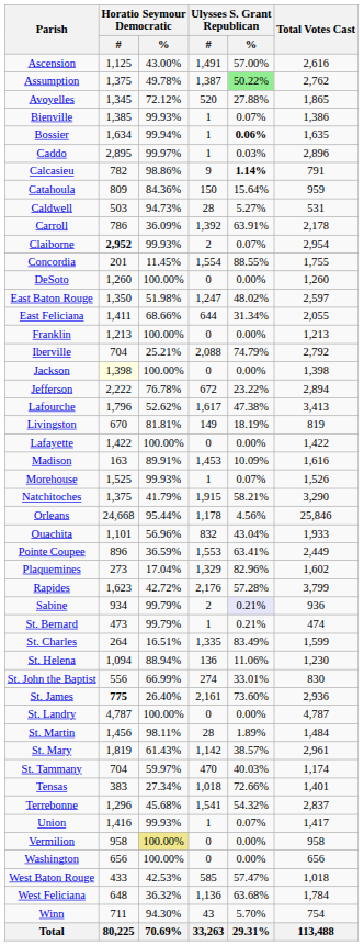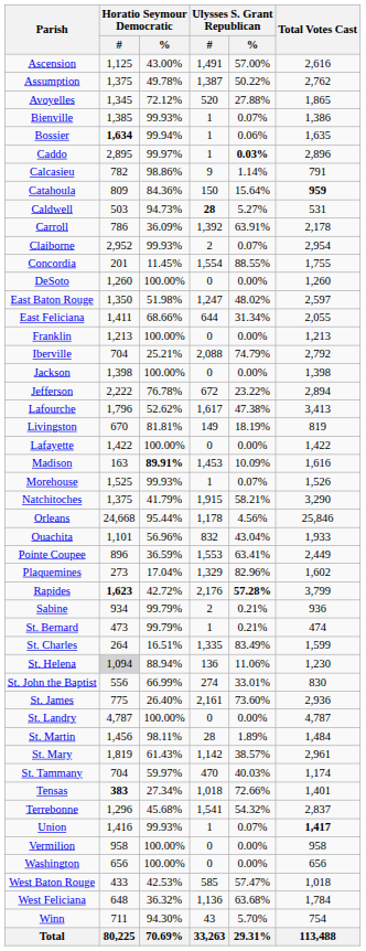 <table class="wikitable sortable">
 <tr>
 <th rowspan="2">Parish</th>
 <th colspan="2">Horatio Seymour<br>Democratic</th>
 <th colspan="2">Ulysses S. Grant<br>Republican</th>
 <th rowspan="2">Total Votes Cast</th>
 </tr>
 <tr style="text-align:center;">
 <th>#</th>
 <th>%</th>
 <th>#</th>
 <th>%</th>
 </tr>
 <tr style="text-align:center;">
 <td><a href='#'>Ascension</a></td>
 <td>1,125</td>
 <td>43.00%</td>
 <td>1,491</td>
 <td>57.00%</td>
 <td>2,616</td>
 </tr>
 <tr style="text-align:center;">
 <td><a href='#'>Assumption</a></td>
 <td>1,375</td>
 <td>49.78%</td>
 <td>1,387</td>
-<td style="background: lightgreen;">50.22%</td>
+<td>50.22%</td>
 <td>2,762</td>
 </tr>
 <tr style="text-align:center;">
 <td><a href='#'>Avoyelles</a></td>
 <td>1,345</td>
 <td>72.12%</td>
 <td>520</td>
 <td>27.88%</td>
 <td>1,865</td>
 </tr>
 <tr style="text-align:center;">
 <td><a href='#'>Bienville</a></td>
 <td>1,385</td>
 <td>99.93%</td>
 <td>1</td>
 <td>0.07%</td>
 <td>1,386</td>
 </tr>
 <tr style="text-align:center;">
 <td><a href='#'>Bossier</a></td>
-<td>1,634</td>
+<td><strong>1,634</strong></td>
 <td>99.94%</td>
 <td>1</td>
-<td><strong>0.06%</strong></td>
+<td>0.06%</td>
 <td>1,635</td>
 </tr>
 <tr style="text-align:center;">
 <td><a href='#'>Caddo</a></td>
 <td>2,895</td>
 <td>99.97%</td>
 <td>1</td>
-<td>0.03%</td>
+<td><strong>0.03%</strong></td>
 <td>2,896</td>
 </tr>
 <tr style="text-align:center;">
 <td><a href='#'>Calcasieu</a></td>
 <td>782</td>
 <td>98.86%</td>
 <td>9</td>
-<td><strong>1.14%</strong></td>
+<td>1.14%</td>
 <td>791</td>
 </tr>
 <tr style="text-align:center;">
 <td><a href='#'>Catahoula</a></td>
 <td>809</td>
 <td>84.36%</td>
 <td>150</td>
 <td>15.64%</td>
-<td>959</td>
+<td><strong>959</strong></td>
 </tr>
 <tr style="text-align:center;">
 <td><a href='#'>Caldwell</a></td>
 <td>503</td>
 <td>94.73%</td>
-<td>28</td>
+<td><strong>28</strong></td>
 <td>5.27%</td>
 <td>531</td>
 </tr>
 <tr style="text-align:center;">
 <td><a href='#'>Carroll</a></td>
 <td>786</td>
 <td>36.09%</td>
 <td>1,392</td>
 <td>63.91%</td>
 <td>2,178</td>
 </tr>
 <tr style="text-align:center;">
 <td><a href='#'>Claiborne</a></td>
-<td><strong>2,952</strong></td>
+<td>2,952</td>
 <td>99.93%</td>
 <td>2</td>
 <td>0.07%</td>
 <td>2,954</td>
 </tr>
 <tr style="text-align:center;">
 <td><a href='#'>Concordia</a></td>
 <td>201</td>
 <td>11.45%</td>
 <td>1,554</td>
 <td>88.55%</td>
 <td>1,755</td>
 </tr>
 <tr style="text-align:center;">
 <td><a href='#'>DeSoto</a></td>
 <td>1,260</td>
 <td>100.00%</td>
 <td>0</td>
 <td>0.00%</td>
 <td>1,260</td>
 </tr>
 <tr style="text-align:center;">
 <td><a href='#'>East Baton Rouge</a></td>
 <td>1,350</td>
 <td>51.98%</td>
 <td>1,247</td>
 <td>48.02%</td>
 <td>2,597</td>
 </tr>
 <tr style="text-align:center;">
 <td><a href='#'>East Feliciana</a></td>
 <td>1,411</td>
 <td>68.66%</td>
 <td>644</td>
 <td>31.34%</td>
 <td>2,055</td>
 </tr>
 <tr style="text-align:center;">
 <td><a href='#'>Franklin</a></td>
 <td>1,213</td>
 <td>100.00%</td>
 <td>0</td>
 <td>0.00%</td>
 <td>1,213</td>
 </tr>
 <tr style="text-align:center;">
 <td><a href='#'>Iberville</a></td>
 <td>704</td>
 <td>25.21%</td>
 <td>2,088</td>
 <td>74.79%</td>
 <td>2,792</td>
 </tr>
 <tr style="text-align:center;">
 <td><a href='#'>Jackson</a></td>
-<td style="background: lightyellow;">1,398</td>
+<td>1,398</td>
 <td>100.00%</td>
 <td>0</td>
 <td>0.00%</td>
 <td>1,398</td>
 </tr>
 <tr style="text-align:center;">
 <td><a href='#'>Jefferson</a></td>
 <td>2,222</td>
 <td>76.78%</td>
 <td>672</td>
 <td>23.22%</td>
 <td>2,894</td>
 </tr>
 <tr style="text-align:center;">
 <td><a href='#'>Lafourche</a></td>
 <td>1,796</td>
 <td>52.62%</td>
 <td>1,617</td>
 <td>47.38%</td>
 <td>3,413</td>
 </tr>
 <tr style="text-align:center;">
 <td><a href='#'>Livingston</a></td>
 <td>670</td>
 <td>81.81%</td>
 <td>149</td>
 <td>18.19%</td>
 <td>819</td>
 </tr>
 <tr style="text-align:center;">
 <td><a href='#'>Lafayette</a></td>
 <td>1,422</td>
 <td>100.00%</td>
 <td>0</td>
 <td>0.00%</td>
 <td>1,422</td>
 </tr>
 <tr style="text-align:center;">
 <td><a href='#'>Madison</a></td>
 <td>163</td>
-<td>89.91%</td>
+<td><strong>89.91%</strong></td>
 <td>1,453</td>
 <td>10.09%</td>
 <td>1,616</td>
 </tr>
 <tr style="text-align:center;">
 <td><a href='#'>Morehouse</a></td>
 <td>1,525</td>
 <td>99.93%</td>
 <td>1</td>
 <td>0.07%</td>
 <td>1,526</td>
 </tr>
 <tr style="text-align:center;">
 <td><a href='#'>Natchitoches</a></td>
 <td>1,375</td>
 <td>41.79%</td>
 <td>1,915</td>
 <td>58.21%</td>
 <td>3,290</td>
 </tr>
 <tr style="text-align:center;">
 <td><a href='#'>Orleans</a></td>
 <td>24,668</td>
 <td>95.44%</td>
 <td>1,178</td>
 <td>4.56%</td>
 <td>25,846</td>
 </tr>
 <tr style="text-align:center;">
 <td><a href='#'>Ouachita</a></td>
 <td>1,101</td>
 <td>56.96%</td>
 <td>832</td>
 <td>43.04%</td>
 <td>1,933</td>
 </tr>
 <tr style="text-align:center;">
 <td><a href='#'>Pointe Coupee</a></td>
 <td>896</td>
 <td>36.59%</td>
 <td>1,553</td>
 <td>63.41%</td>
 <td>2,449</td>
 </tr>
 <tr style="text-align:center;">
 <td><a href='#'>Plaquemines</a></td>
 <td>273</td>
 <td>17.04%</td>
 <td>1,329</td>
 <td>82.96%</td>
 <td>1,602</td>
 </tr>
 <tr style="text-align:center;">
 <td><a href='#'>Rapides</a></td>
-<td>1,623</td>
+<td><strong>1,623</strong></td>
 <td>42.72%</td>
 <td>2,176</td>
-<td>57.28%</td>
+<td><strong>57.28%</strong></td>
 <td>3,799</td>
 </tr>
 <tr style="text-align:center;">
 <td><a href='#'>Sabine</a></td>
 <td>934</td>
 <td>99.79%</td>
 <td>2</td>
-<td style="background: lavender;">0.21%</td>
+<td>0.21%</td>
 <td>936</td>
 </tr>
 <tr style="text-align:center;">
 <td><a href='#'>St. Bernard</a></td>
 <td>473</td>
 <td>99.79%</td>
 <td>1</td>
 <td>0.21%</td>
 <td>474</td>
 </tr>
 <tr style="text-align:center;">
 <td><a href='#'>St. Charles</a></td>
 <td>264</td>
 <td>16.51%</td>
 <td>1,335</td>
 <td>83.49%</td>
 <td>1,599</td>
 </tr>
 <tr style="text-align:center;">
 <td><a href='#'>St. Helena</a></td>
-<td>1,094</td>
+<td style="background: lightgrey;">1,094</td>
 <td>88.94%</td>
 <td>136</td>
 <td>11.06%</td>
 <td>1,230</td>
 </tr>
 <tr style="text-align:center;">
 <td><a href='#'>St. John the Baptist</a></td>
 <td>556</td>
 <td>66.99%</td>
 <td>274</td>
 <td>33.01%</td>
 <td>830</td>
 </tr>
 <tr style="text-align:center;">
 <td><a href='#'>St. James</a></td>
-<td><strong>775</strong></td>
+<td>775</td>
 <td>26.40%</td>
 <td>2,161</td>
 <td>73.60%</td>
 <td>2,936</td>
 </tr>
 <tr style="text-align:center;">
 <td><a href='#'>St. Landry</a></td>
 <td>4,787</td>
 <td>100.00%</td>
 <td>0</td>
 <td>0.00%</td>
 <td>4,787</td>
 </tr>
 <tr style="text-align:center;">
 <td><a href='#'>St. Martin</a></td>
 <td>1,456</td>
 <td>98.11%</td>
 <td>28</td>
 <td>1.89%</td>
 <td>1,484</td>
 </tr>
 <tr style="text-align:center;">
 <td><a href='#'>St. Mary</a></td>
 <td>1,819</td>
 <td>61.43%</td>
 <td>1,142</td>
 <td>38.57%</td>
 <td>2,961</td>
 </tr>
 <tr style="text-align:center;">
 <td><a href='#'>St. Tammany</a></td>
 <td>704</td>
 <td>59.97%</td>
 <td>470</td>
 <td>40.03%</td>
 <td>1,174</td>
 </tr>
 <tr style="text-align:center;">
 <td><a href='#'>Tensas</a></td>
-<td>383</td>
+<td><strong>383</strong></td>
 <td>27.34%</td>
 <td>1,018</td>
 <td>72.66%</td>
 <td>1,401</td>
 </tr>
 <tr style="text-align:center;">
 <td><a href='#'>Terrebonne</a></td>
 <td>1,296</td>
 <td>45.68%</td>
 <td>1,541</td>
 <td>54.32%</td>
 <td>2,837</td>
 </tr>
 <tr style="text-align:center;">
 <td><a href='#'>Union</a></td>
 <td>1,416</td>
 <td>99.93%</td>
 <td>1</td>
 <td>0.07%</td>
-<td>1,417</td>
+<td><strong>1,417</strong></td>
 </tr>
 <tr style="text-align:center;">
 <td><a href='#'>Vermilion</a></td>
 <td>958</td>
-<td style="background: khaki;">100.00%</td>
+<td>100.00%</td>
 <td>0</td>
 <td>0.00%</td>
 <td>958</td>
 </tr>
 <tr style="text-align:center;">
 <td><a href='#'>Washington</a></td>
 <td>656</td>
 <td>100.00%</td>
 <td>0</td>
 <td>0.00%</td>
 <td>656</td>
 </tr>
 <tr style="text-align:center;">
 <td><a href='#'>West Baton Rouge</a></td>
 <td>433</td>
 <td>42.53%</td>
 <td>585</td>
 <td>57.47%</td>
 <td>1,018</td>
 </tr>
 <tr style="text-align:center;">
 <td><a href='#'>West Feliciana</a></td>
 <td>648</td>
 <td>36.32%</td>
 <td>1,136</td>
 <td>63.68%</td>
 <td>1,784</td>
 </tr>
 <tr style="text-align:center;">
 <td><a href='#'>Winn</a></td>
 <td>711</td>
 <td>94.30%</td>
 <td>43</td>
 <td>5.70%</td>
 <td>754</td>
 </tr>
 <tr style="text-align:center;">
 <th>Total</th>
 <th>80,225</th>
 <th>70.69%</th>
 <th>33,263</th>
 <th>29.31%</th>
 <th>113,488</th>
 </tr>
 </table>
